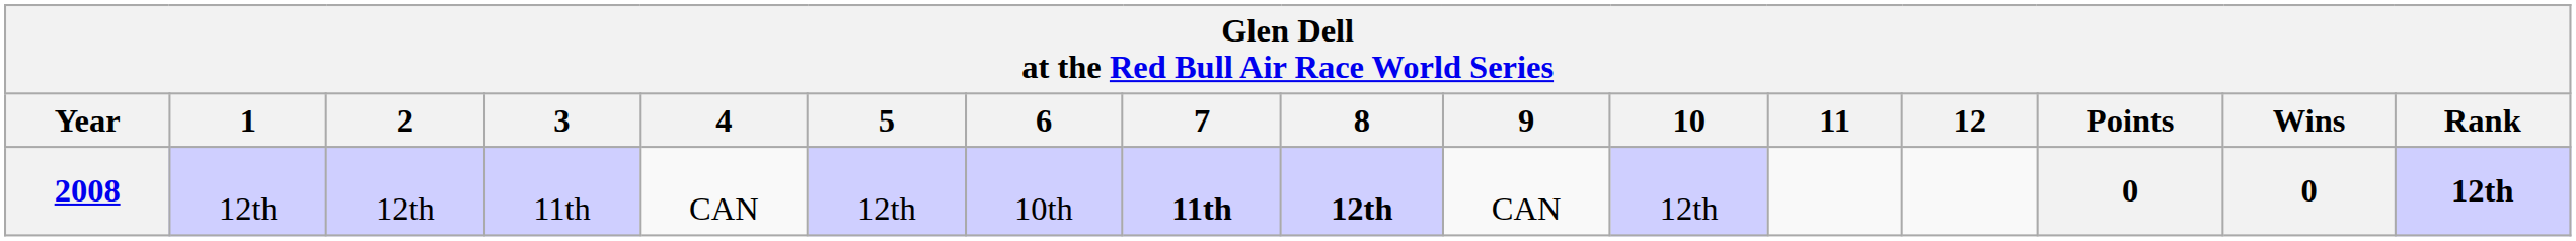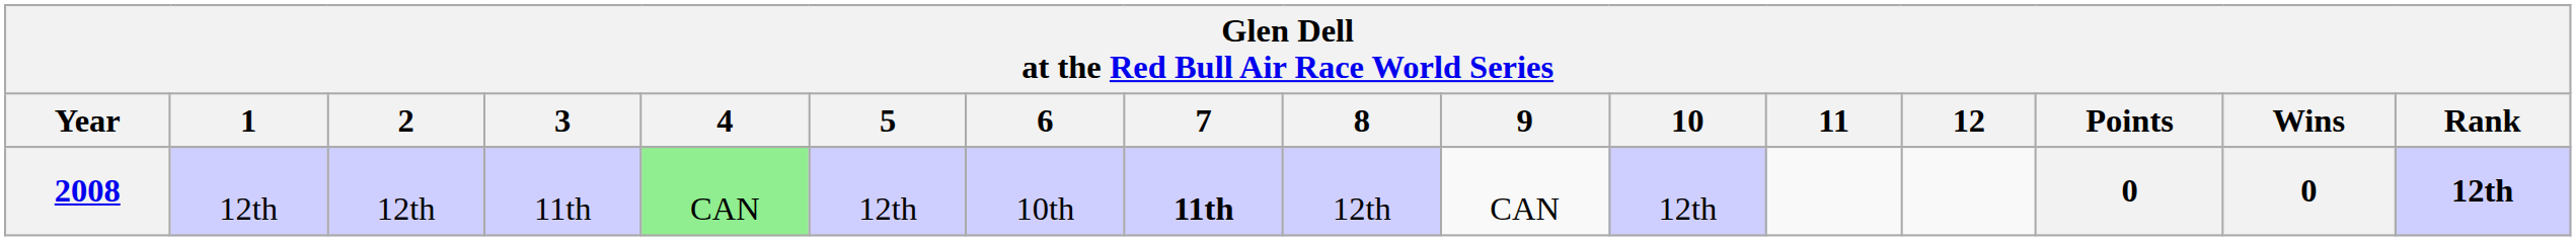 <table class="wikitable">
 <tr>
 <th colspan="16" style="text-align:center;"> Glen Dell<br>at the <a href='#'>Red Bull Air Race World Series</a></th>
 </tr>
 <tr>
 <th style="width:2%;">Year</th>
 <th style="width:2%;">1</th>
 <th style="width:2%;">2</th>
 <th style="width:2%;">3</th>
 <th style="width:2%;">4</th>
 <th style="width:2%;">5</th>
 <th style="width:2%;">6</th>
 <th style="width:2%;">7</th>
 <th style="width:2%;">8</th>
 <th style="width:2%;">9</th>
 <th style="width:2%;">10</th>
 <th style="width:2%;">11</th>
 <th style="width:2%;">12</th>
 <th style="width:2%;">Points</th>
 <th style="width:2%;">Wins</th>
 <th style="width:2%;">Rank</th>
 </tr>
 <tr align=center>
 <th><a href='#'>2008</a></th>
 <td style="background:#cfcfff;"><br>12th</td>
 <td style="background:#cfcfff;"><br>12th</td>
 <td style="background:#cfcfff;"><br>11th</td>
-<td><br>CAN</td>
+<td style="background: lightgreen;"><br>CAN</td>
 <td style="background:#cfcfff;"><br>12th</td>
 <td style="background:#cfcfff;"><br>10th</td>
 <td style="background:#cfcfff;"><strong><br>11th</strong></td>
-<td style="background:#cfcfff;"><strong><br>12th</strong></td>
+<td style="background:#cfcfff;"><br>12th</td>
 <td><br>CAN</td>
 <td style="background:#cfcfff;"><br>12th</td>
 <td></td>
 <td></td>
 <th>0</th>
 <th>0</th>
 <td style="background:#cfcfff;"><strong>12th</strong></td>
 </tr>
 </table>
